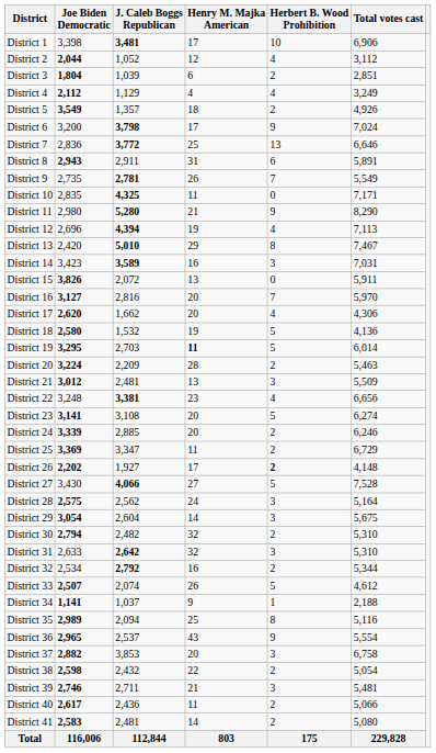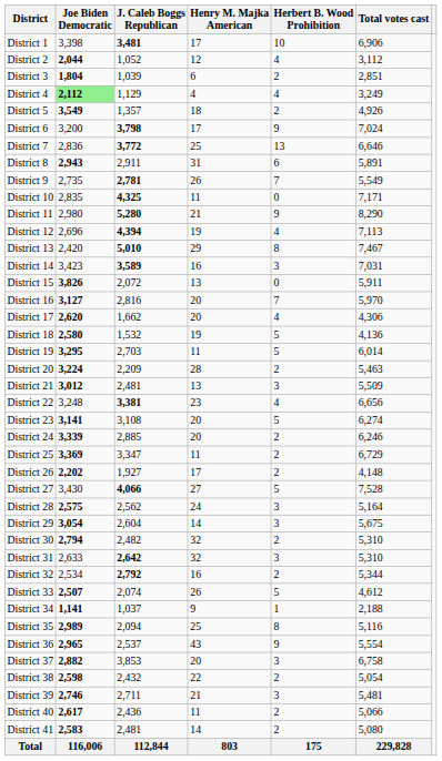 <table class="wikitable sortable">
 <tr>
 <th>District</th>
 <th><strong>Joe Biden</strong><br>Democratic</th>
 <th><strong>J. Caleb Boggs</strong><br>Republican</th>
 <th>Henry M. Majka<br>American</th>
 <th>Herbert B. Wood<br>Prohibition</th>
 <th>Total votes cast</th>
 <th></th>
 </tr>
 <tr>
 <td>District 1</td>
 <td>3,398</td>
 <td><strong>3,481</strong></td>
 <td>17</td>
 <td>10</td>
 <td>6,906</td>
 <td rowspan="42"></td>
 </tr>
 <tr>
 <td>District 2</td>
 <td><strong>2,044</strong></td>
 <td>1,052</td>
 <td>12</td>
 <td>4</td>
 <td>3,112</td>
 </tr>
 <tr>
 <td>District 3</td>
 <td><strong>1,804</strong></td>
 <td>1,039</td>
 <td>6</td>
 <td>2</td>
 <td>2,851</td>
 </tr>
 <tr>
 <td>District 4</td>
-<td><strong>2,112</strong></td>
+<td style="background: lightgreen;"><strong>2,112</strong></td>
 <td>1,129</td>
 <td>4</td>
 <td>4</td>
 <td>3,249</td>
 </tr>
 <tr>
 <td>District 5</td>
 <td><strong>3,549</strong></td>
 <td>1,357</td>
 <td>18</td>
 <td>2</td>
 <td>4,926</td>
 </tr>
 <tr>
 <td>District 6</td>
 <td>3,200</td>
 <td><strong>3,798</strong></td>
 <td>17</td>
 <td>9</td>
 <td>7,024</td>
 </tr>
 <tr>
 <td>District 7</td>
 <td>2,836</td>
 <td><strong>3,772</strong></td>
 <td>25</td>
 <td>13</td>
 <td>6,646</td>
 </tr>
 <tr>
 <td>District 8</td>
 <td><strong>2,943</strong></td>
 <td>2,911</td>
 <td>31</td>
 <td>6</td>
 <td>5,891</td>
 </tr>
 <tr>
 <td>District 9</td>
 <td>2,735</td>
 <td><strong>2,781</strong></td>
 <td>26</td>
 <td>7</td>
 <td>5,549</td>
 </tr>
 <tr>
 <td>District 10</td>
 <td>2,835</td>
 <td><strong>4,325</strong></td>
 <td>11</td>
 <td>0</td>
 <td>7,171</td>
 </tr>
 <tr>
 <td>District 11</td>
 <td>2,980</td>
 <td><strong>5,280</strong></td>
 <td>21</td>
 <td>9</td>
 <td>8,290</td>
 </tr>
 <tr>
 <td>District 12</td>
 <td>2,696</td>
 <td><strong>4,394</strong></td>
 <td>19</td>
 <td>4</td>
 <td>7,113</td>
 </tr>
 <tr>
 <td>District 13</td>
 <td>2,420</td>
 <td><strong>5,010</strong></td>
 <td>29</td>
 <td>8</td>
 <td>7,467</td>
 </tr>
 <tr>
 <td>District 14</td>
 <td>3,423</td>
 <td><strong>3,589</strong></td>
 <td>16</td>
 <td>3</td>
 <td>7,031</td>
 </tr>
 <tr>
 <td>District 15</td>
 <td><strong>3,826</strong></td>
 <td>2,072</td>
 <td>13</td>
 <td>0</td>
 <td>5,911</td>
 </tr>
 <tr>
 <td>District 16</td>
 <td><strong>3,127</strong></td>
 <td>2,816</td>
 <td>20</td>
 <td>7</td>
 <td>5,970</td>
 </tr>
 <tr>
 <td>District 17</td>
 <td><strong>2,620</strong></td>
 <td>1,662</td>
 <td>20</td>
 <td>4</td>
 <td>4,306</td>
 </tr>
 <tr>
 <td>District 18</td>
 <td><strong>2,580</strong></td>
 <td>1,532</td>
 <td>19</td>
 <td>5</td>
 <td>4,136</td>
 </tr>
 <tr>
 <td>District 19</td>
 <td><strong>3,295</strong></td>
 <td>2,703</td>
-<td><strong>11</strong></td>
+<td>11</td>
 <td>5</td>
 <td>6,014</td>
 </tr>
 <tr>
 <td>District 20</td>
 <td><strong>3,224</strong></td>
 <td>2,209</td>
 <td>28</td>
 <td>2</td>
 <td>5,463</td>
 </tr>
 <tr>
 <td>District 21</td>
 <td><strong>3,012</strong></td>
 <td>2,481</td>
 <td>13</td>
 <td>3</td>
 <td>5,509</td>
 </tr>
 <tr>
 <td>District 22</td>
 <td>3,248</td>
 <td><strong>3,381</strong></td>
 <td>23</td>
 <td>4</td>
 <td>6,656</td>
 </tr>
 <tr>
 <td>District 23</td>
 <td><strong>3,141</strong></td>
 <td>3,108</td>
 <td>20</td>
 <td>5</td>
 <td>6,274</td>
 </tr>
 <tr>
 <td>District 24</td>
 <td><strong>3,339</strong></td>
 <td>2,885</td>
 <td>20</td>
 <td>2</td>
 <td>6,246</td>
 </tr>
 <tr>
 <td>District 25</td>
 <td><strong>3,369</strong></td>
 <td>3,347</td>
 <td>11</td>
 <td>2</td>
 <td>6,729</td>
 </tr>
 <tr>
 <td>District 26</td>
 <td><strong>2,202</strong></td>
 <td>1,927</td>
 <td>17</td>
-<td><strong>2</strong></td>
+<td>2</td>
 <td>4,148</td>
 </tr>
 <tr>
 <td>District 27</td>
 <td>3,430</td>
 <td><strong>4,066</strong></td>
 <td>27</td>
 <td>5</td>
 <td>7,528</td>
 </tr>
 <tr>
 <td>District 28</td>
 <td><strong>2,575</strong></td>
 <td>2,562</td>
 <td>24</td>
 <td>3</td>
 <td>5,164</td>
 </tr>
 <tr>
 <td>District 29</td>
 <td><strong>3,054</strong></td>
 <td>2,604</td>
 <td>14</td>
 <td>3</td>
 <td>5,675</td>
 </tr>
 <tr>
 <td>District 30</td>
 <td><strong>2,794</strong></td>
 <td>2,482</td>
 <td>32</td>
 <td>2</td>
 <td>5,310</td>
 </tr>
 <tr>
 <td>District 31</td>
 <td>2,633</td>
 <td><strong>2,642</strong></td>
 <td>32</td>
 <td>3</td>
 <td>5,310</td>
 </tr>
 <tr>
 <td>District 32</td>
 <td>2,534</td>
 <td><strong>2,792</strong></td>
 <td>16</td>
 <td>2</td>
 <td>5,344</td>
 </tr>
 <tr>
 <td>District 33</td>
 <td><strong>2,507</strong></td>
 <td>2,074</td>
 <td>26</td>
 <td>5</td>
 <td>4,612</td>
 </tr>
 <tr>
 <td>District 34</td>
 <td><strong>1,141</strong></td>
 <td>1,037</td>
 <td>9</td>
 <td>1</td>
 <td>2,188</td>
 </tr>
 <tr>
 <td>District 35</td>
 <td><strong>2,989</strong></td>
 <td>2,094</td>
 <td>25</td>
 <td>8</td>
 <td>5,116</td>
 </tr>
 <tr>
 <td>District 36</td>
 <td><strong>2,965</strong></td>
 <td>2,537</td>
 <td>43</td>
 <td>9</td>
 <td>5,554</td>
 </tr>
 <tr>
 <td>District 37</td>
 <td><strong>2,882</strong></td>
 <td>3,853</td>
 <td>20</td>
 <td>3</td>
 <td>6,758</td>
 </tr>
 <tr>
 <td>District 38</td>
 <td><strong>2,598</strong></td>
 <td>2,432</td>
 <td>22</td>
 <td>2</td>
 <td>5,054</td>
 </tr>
 <tr>
 <td>District 39</td>
 <td><strong>2,746</strong></td>
 <td>2,711</td>
 <td>21</td>
 <td>3</td>
 <td>5,481</td>
 </tr>
 <tr>
 <td>District 40</td>
 <td><strong>2,617</strong></td>
 <td>2,436</td>
 <td>11</td>
 <td>2</td>
 <td>5,066</td>
 </tr>
 <tr>
 <td>District 41</td>
 <td><strong>2,583</strong></td>
 <td>2,481</td>
 <td>14</td>
 <td>2</td>
 <td>5,080</td>
 </tr>
 <tr>
 <th>Total</th>
 <th>116,006</th>
 <th>112,844</th>
 <th>803</th>
 <th>175</th>
 <th>229,828</th>
 </tr>
 </table>
